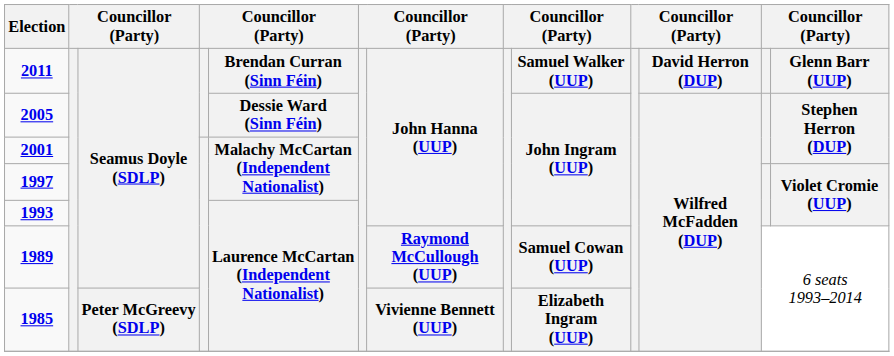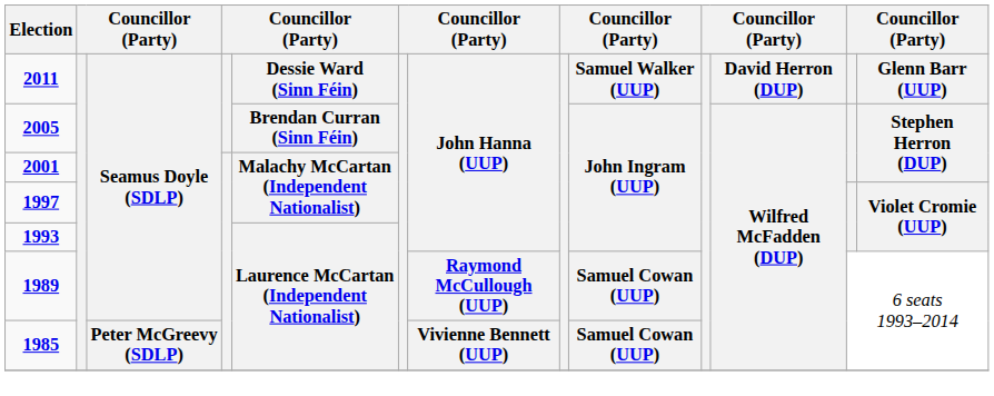 <table class="wikitable" style="text-align:center">
 <tr>
 <th scope="col" width="50">Election</th>
 <th scope="col" width="150" colspan = "2">Councillor<br> (Party)</th>
 <th scope="col" width="150" colspan = "2">Councillor<br> (Party)</th>
 <th scope="col" width="150" colspan = "2">Councillor<br> (Party)</th>
 <th scope="col" width="150" colspan = "2">Councillor<br> (Party)</th>
 <th scope="col" width="150" colspan = "2">Councillor<br> (Party)</th>
 <th scope="col" width="150" colspan = "2">Councillor<br> (Party)</th>
 </tr>
 <tr>
 <td><strong><a href='#'>2011</a></strong></td>
 <th rowspan="7" width="1" style="background-color: "></th>
 <th rowspan = "6">Seamus Doyle <br> (<a href='#'>SDLP</a>)</th>
 <th rowspan="2" width="1" style="background-color: "></th>
-<th rowspan = "1">Brendan Curran <br> (<a href='#'>Sinn Féin</a>)</th>
+<th rowspan = "1">Dessie Ward <br> (<a href='#'>Sinn Féin</a>)</th>
 <th rowspan="7" width="1" style="background-color: "></th>
 <th rowspan = "5">John Hanna <br> (<a href='#'>UUP</a>)</th>
 <th rowspan="7" width="1" style="background-color: "></th>
 <th rowspan = "1">Samuel Walker <br> (<a href='#'>UUP</a>)</th>
 <th rowspan="7" width="1" style="background-color: "></th>
 <th rowspan = "1">David Herron <br> (<a href='#'>DUP</a>)</th>
 <th rowspan="1" width="1" style="background-color: "></th>
 <th rowspan = "1">Glenn Barr <br> (<a href='#'>UUP</a>)</th>
 </tr>
 <tr>
 <td><strong><a href='#'>2005</a></strong></td>
-<th rowspan = "1">Dessie Ward <br> (<a href='#'>Sinn Féin</a>)</th>
+<th rowspan = "1">Brendan Curran <br> (<a href='#'>Sinn Féin</a>)</th>
 <th rowspan = "4">John Ingram <br> (<a href='#'>UUP</a>)</th>
 <th rowspan = "6">Wilfred McFadden <br> (<a href='#'>DUP</a>)</th>
 <th rowspan="2" width="1" style="background-color: "></th>
 <th rowspan = "2">Stephen Herron <br> (<a href='#'>DUP</a>)</th>
 </tr>
 <tr>
 <td><strong><a href='#'>2001</a></strong></td>
 <th rowspan="5" width="1" style="background-color: "></th>
 <th rowspan = "2">Malachy McCartan <br> (<a href='#'>Independent Nationalist</a>)</th>
 </tr>
 <tr>
 <td><strong><a href='#'>1997</a></strong></td>
 <th rowspan="2" width="1" style="background-color: "></th>
 <th rowspan = "2">Violet Cromie <br> (<a href='#'>UUP</a>)</th>
 </tr>
 <tr>
 <td><strong><a href='#'>1993</a></strong></td>
 <th rowspan = "3">Laurence McCartan <br> (<a href='#'>Independent Nationalist</a>)</th>
 </tr>
 <tr>
 <td><strong><a href='#'>1989</a></strong></td>
 <th rowspan = "1"><a href='#'>Raymond McCullough</a> <br> (<a href='#'>UUP</a>)</th>
 <th rowspan = "1">Samuel Cowan <br> (<a href='#'>UUP</a>)</th>
 <td colspan="2" rowspan="2" style="background-color:#FFFFFF"><em>6 seats<br>1993–2014</em></td>
 </tr>
 <tr>
 <td><strong><a href='#'>1985</a></strong></td>
 <th rowspan = "1">Peter McGreevy <br> (<a href='#'>SDLP</a>)</th>
 <th rowspan = "1">Vivienne Bennett <br> (<a href='#'>UUP</a>)</th>
-<th rowspan = "1">Elizabeth Ingram <br> (<a href='#'>UUP</a>)</th>
+<th rowspan = "1">Samuel Cowan <br> (<a href='#'>UUP</a>)</th>
 </tr>
 <tr>
 </tr>
 </table>
